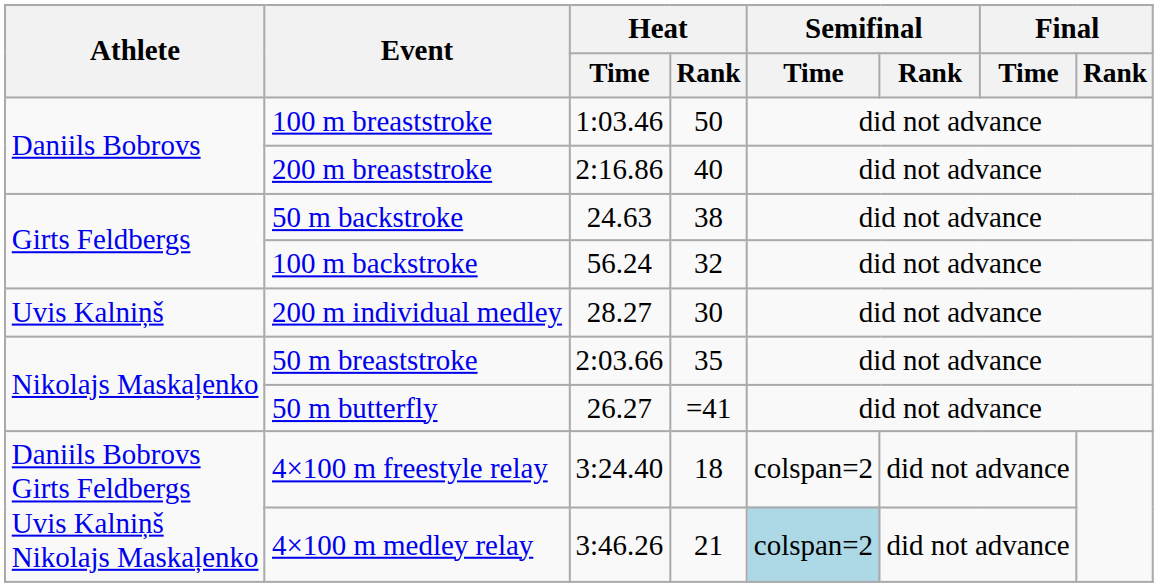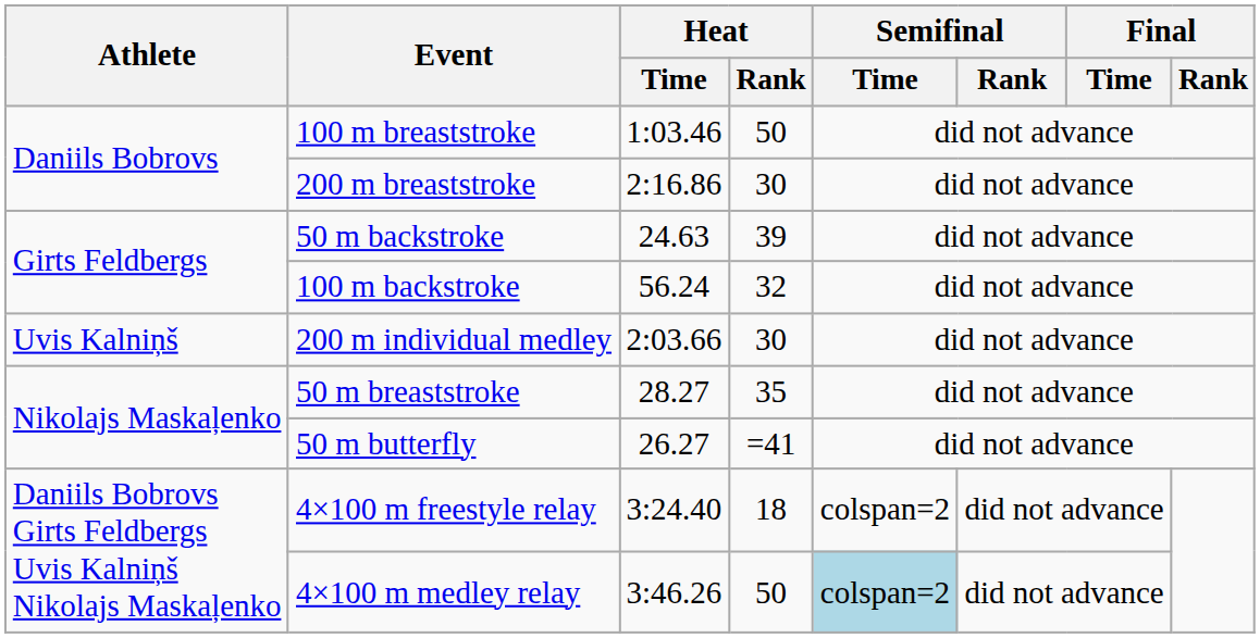 <table class=wikitable style="font-size:90%">
 <tr>
 <th rowspan="2">Athlete</th>
 <th rowspan="2">Event</th>
 <th colspan="2">Heat</th>
 <th colspan="2">Semifinal</th>
 <th colspan="2">Final</th>
 </tr>
 <tr style="font-size:95%">
 <th>Time</th>
 <th>Rank</th>
 <th>Time</th>
 <th>Rank</th>
 <th>Time</th>
 <th>Rank</th>
 </tr>
 <tr align=center>
 <td align=left rowspan=2><a href='#'>Daniils Bobrovs</a></td>
 <td align=left><a href='#'>100 m breaststroke</a></td>
 <td>1:03.46</td>
 <td>50</td>
 <td colspan=4>did not advance</td>
 </tr>
 <tr align=center>
 <td align=left><a href='#'>200 m breaststroke</a></td>
 <td>2:16.86</td>
-<td>40</td>
+<td>30</td>
 <td colspan=4>did not advance</td>
 </tr>
 <tr align=center>
 <td align=left rowspan=2><a href='#'>Girts Feldbergs</a></td>
 <td align=left><a href='#'>50 m backstroke</a></td>
 <td>24.63</td>
-<td>38</td>
+<td>39</td>
 <td colspan=4>did not advance</td>
 </tr>
 <tr align=center>
 <td align=left><a href='#'>100 m backstroke</a></td>
 <td>56.24</td>
 <td>32</td>
 <td colspan=4>did not advance</td>
 </tr>
 <tr align=center>
 <td align=left><a href='#'>Uvis Kalniņš</a></td>
 <td align=left><a href='#'>200 m individual medley</a></td>
-<td>28.27</td>
+<td>2:03.66</td>
 <td>30</td>
 <td colspan=4>did not advance</td>
 </tr>
 <tr align=center>
 <td align=left rowspan=2><a href='#'>Nikolajs Maskaļenko</a></td>
 <td align=left><a href='#'>50 m breaststroke</a></td>
-<td>2:03.66</td>
+<td>28.27</td>
 <td>35</td>
 <td colspan=4>did not advance</td>
 </tr>
 <tr align=center>
 <td align=left><a href='#'>50 m butterfly</a></td>
 <td>26.27</td>
 <td>=41</td>
 <td colspan=4>did not advance</td>
 </tr>
 <tr align=center>
 <td align=left rowspan=2><a href='#'>Daniils Bobrovs</a><br><a href='#'>Girts Feldbergs</a><br><a href='#'>Uvis Kalniņš</a><br><a href='#'>Nikolajs Maskaļenko</a></td>
 <td align=left><a href='#'>4×100 m freestyle relay</a></td>
 <td>3:24.40</td>
 <td>18</td>
 <td>colspan=2 </td>
 <td colspan=2>did not advance</td>
 </tr>
 <tr align=center>
 <td align=left><a href='#'>4×100 m medley relay</a></td>
 <td>3:46.26</td>
-<td>21</td>
+<td>50</td>
 <td style="background: lightblue;">colspan=2 </td>
 <td colspan=2>did not advance</td>
 </tr>
 </table>
